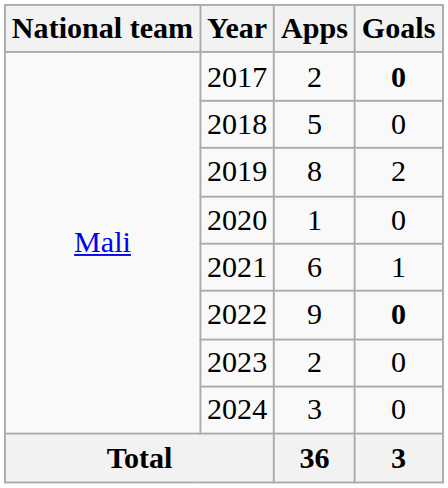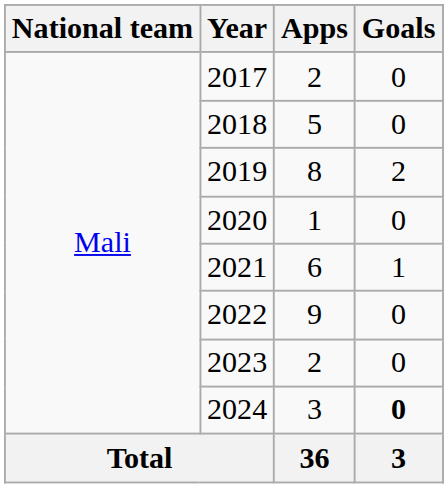 <table class=wikitable style=text-align:center>
 <tr>
 <th>National team</th>
 <th>Year</th>
 <th>Apps</th>
 <th>Goals</th>
 </tr>
 <tr>
 <td rowspan="8"><a href='#'>Mali</a></td>
 <td>2017</td>
 <td>2</td>
-<td><strong>0</strong></td>
+<td>0</td>
 </tr>
 <tr>
 <td>2018</td>
 <td>5</td>
 <td>0</td>
 </tr>
 <tr>
 <td>2019</td>
 <td>8</td>
 <td>2</td>
 </tr>
 <tr>
 <td>2020</td>
 <td>1</td>
 <td>0</td>
 </tr>
 <tr>
 <td>2021</td>
 <td>6</td>
 <td>1</td>
 </tr>
 <tr>
 <td>2022</td>
 <td>9</td>
-<td><strong>0</strong></td>
+<td>0</td>
 </tr>
 <tr>
 <td>2023</td>
 <td>2</td>
 <td>0</td>
 </tr>
 <tr>
 <td>2024</td>
 <td>3</td>
-<td>0</td>
+<td><strong>0</strong></td>
 </tr>
 <tr>
 <th colspan="2">Total</th>
 <th>36</th>
 <th>3</th>
 </tr>
 </table>
